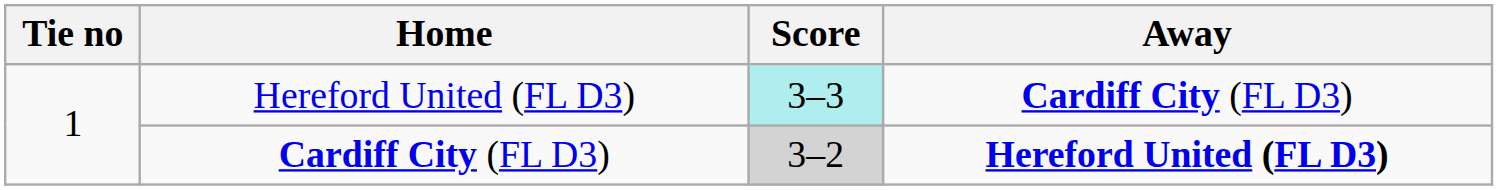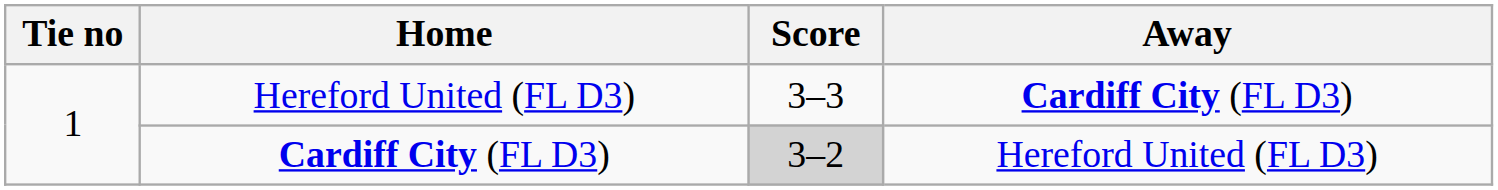 <table class="wikitable" style="text-align:center">
 <tr>
 <th width=50>Tie no</th>
 <th width=250>Home</th>
 <th width=50>Score</th>
 <th width=250>Away</th>
 </tr>
 <tr>
 <td rowspan=2>1</td>
 <td><a href='#'>Hereford United</a> (<a href='#'>FL D3</a>)</td>
-<td style="background: paleturquoise;">3–3</td>
+<td>3–3</td>
 <td><strong><a href='#'>Cardiff City</a></strong> (<a href='#'>FL D3</a>)</td>
 </tr>
 <tr>
 <td><strong><a href='#'>Cardiff City</a></strong> (<a href='#'>FL D3</a>)</td>
 <td style="background: lightgrey;">3–2</td>
-<td><strong><a href='#'>Hereford United</a> (<a href='#'>FL D3</a>)</strong></td>
+<td><a href='#'>Hereford United</a> (<a href='#'>FL D3</a>)</td>
 </tr>
 </table>
